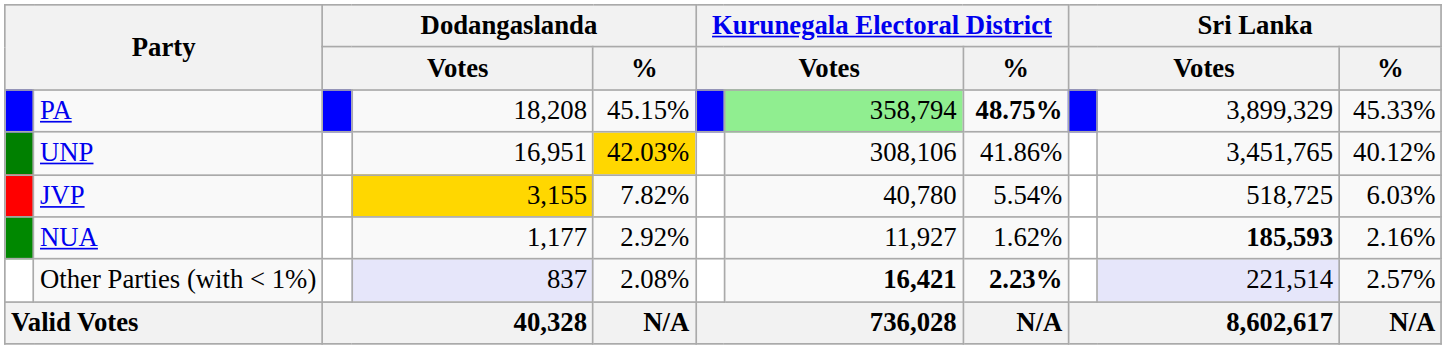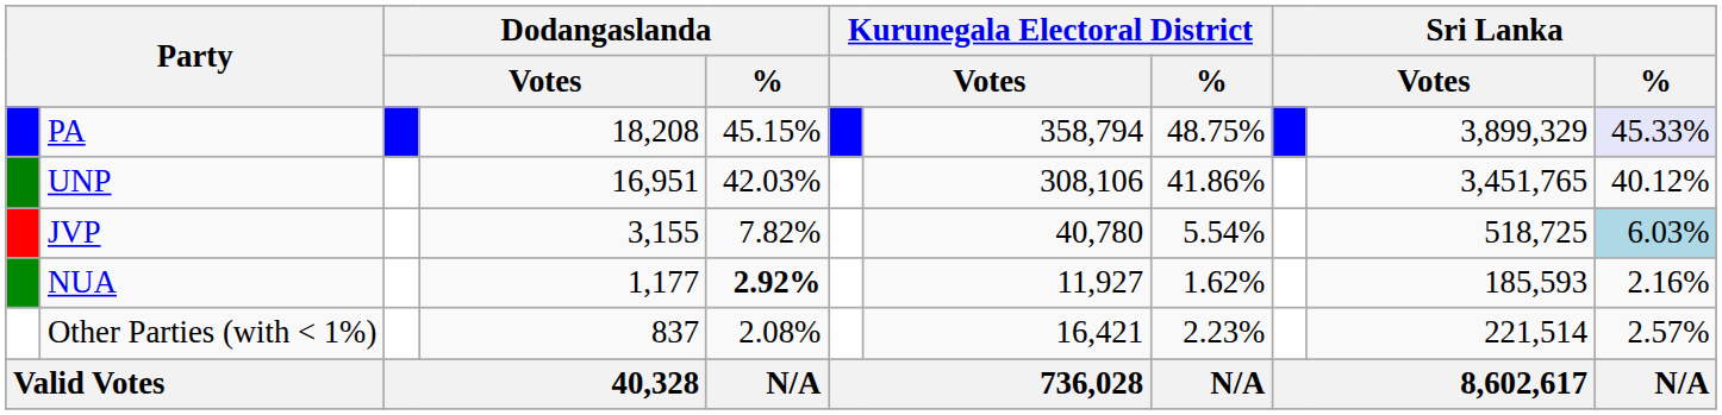 <table class="wikitable">
 <tr>
 <th colspan="2" width="144px"rowspan="2">Party</th>
 <th colspan="3" width="216px">Dodangaslanda</th>
 <th colspan="3" width="216px"><a href='#'>Kurunegala Electoral District</a></th>
 <th colspan="3" width="216px">Sri Lanka</th>
 </tr>
 <tr>
 <th colspan="2" width="144px">Votes</th>
 <th>%</th>
 <th colspan="2" width="144px">Votes</th>
 <th>%</th>
 <th colspan="2" width="144px">Votes</th>
 <th>%</th>
 </tr>
 <tr>
 <td style="background-color:blue;" width="10px"></td>
 <td style="text-align:left;"><a href='#'>PA</a></td>
 <td style="background-color:blue;" width="10px"></td>
 <td style="text-align:right;">18,208</td>
 <td style="text-align:right;">45.15%</td>
 <td style="background-color:blue;" width="10px"></td>
-<td style="background: lightgreen; text-align:right;">358,794</td>
-<td style="text-align:right;"><strong>48.75%</strong></td>
+<td style="text-align:right;">358,794</td>
+<td style="text-align:right;">48.75%</td>
 <td style="background-color:blue;" width="10px"></td>
 <td style="text-align:right;">3,899,329</td>
-<td style="text-align:right;">45.33%</td>
+<td style="background: lavender; text-align:right;">45.33%</td>
 </tr>
 <tr>
 <td style="background-color:green;" width="10px"></td>
 <td style="text-align:left;"><a href='#'>UNP</a></td>
 <td style="background-color:white;" width="10px"></td>
 <td style="text-align:right;">16,951</td>
-<td style="background: gold; text-align:right;">42.03%</td>
+<td style="text-align:right;">42.03%</td>
 <td style="background-color:white;" width="10px"></td>
 <td style="text-align:right;">308,106</td>
 <td style="text-align:right;">41.86%</td>
 <td style="background-color:white;" width="10px"></td>
 <td style="text-align:right;">3,451,765</td>
 <td style="text-align:right;">40.12%</td>
 </tr>
 <tr>
 <td style="background-color:red;" width="10px"></td>
 <td style="text-align:left;"><a href='#'>JVP</a></td>
 <td style="background-color:white;" width="10px"></td>
-<td style="background: gold; text-align:right;">3,155</td>
+<td style="text-align:right;">3,155</td>
 <td style="text-align:right;">7.82%</td>
 <td style="background-color:white;" width="10px"></td>
 <td style="text-align:right;">40,780</td>
 <td style="text-align:right;">5.54%</td>
 <td style="background-color:white;" width="10px"></td>
 <td style="text-align:right;">518,725</td>
-<td style="text-align:right;">6.03%</td>
+<td style="background: lightblue; text-align:right;">6.03%</td>
 </tr>
 <tr>
 <td style="background-color:#008800;" width="10px"></td>
 <td style="text-align:left;"><a href='#'>NUA</a></td>
 <td style="background-color:white;" width="10px"></td>
 <td style="text-align:right;">1,177</td>
-<td style="text-align:right;">2.92%</td>
+<td style="text-align:right;"><strong>2.92%</strong></td>
 <td style="background-color:white;" width="10px"></td>
 <td style="text-align:right;">11,927</td>
 <td style="text-align:right;">1.62%</td>
 <td style="background-color:white;" width="10px"></td>
-<td style="text-align:right;"><strong>185,593</strong></td>
+<td style="text-align:right;">185,593</td>
 <td style="text-align:right;">2.16%</td>
 </tr>
 <tr>
 <td style="background-color:white;" width="10px"></td>
 <td style="text-align:left;">Other Parties (with < 1%)</td>
 <td style="background-color:white;" width="10px"></td>
-<td style="background: lavender; text-align:right;">837</td>
+<td style="text-align:right;">837</td>
 <td style="text-align:right;">2.08%</td>
 <td style="background-color:white;" width="10px"></td>
-<td style="text-align:right;"><strong>16,421</strong></td>
-<td style="text-align:right;"><strong>2.23%</strong></td>
+<td style="text-align:right;">16,421</td>
+<td style="text-align:right;">2.23%</td>
 <td style="background-color:white;" width="10px"></td>
-<td style="background: lavender; text-align:right;">221,514</td>
+<td style="text-align:right;">221,514</td>
 <td style="text-align:right;">2.57%</td>
 </tr>
 <tr>
 <th colspan="2" width="144px"style="text-align:left;">Valid Votes</th>
 <th style="text-align:right;"colspan="2" width="144px">40,328</th>
 <th style="text-align:right;">N/A</th>
 <th style="text-align:right;"colspan="2" width="144px">736,028</th>
 <th style="text-align:right;">N/A</th>
 <th style="text-align:right;"colspan="2" width="144px">8,602,617</th>
 <th style="text-align:right;">N/A</th>
 </tr>
 </table>
